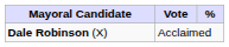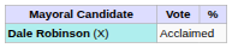 <table class="wikitable">
 <tr>
 <th style="background:#ddf; width:200px;">Mayoral Candidate</th>
 <th style="background:#ddf; width:50px;">Vote</th>
 <th style="background:#ddf; width:30px;">%</th>
 </tr>
 <tr>
-<td><strong>Dale Robinson</strong> (X)</td>
+<td style="background: paleturquoise;"><strong>Dale Robinson</strong> (X)</td>
 <td colspan="2">Acclaimed</td>
 </tr>
 </table>
